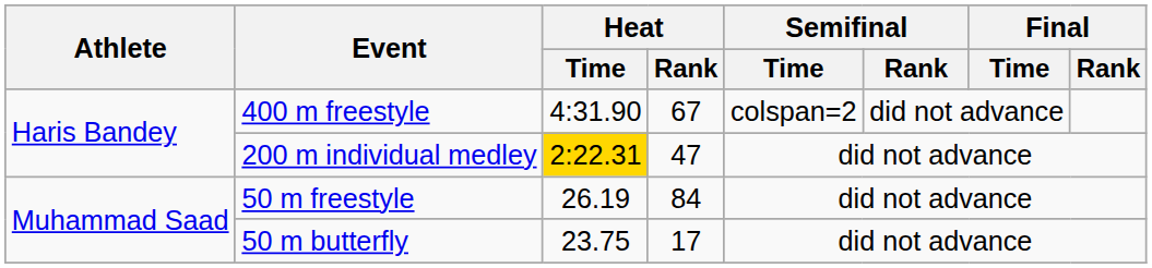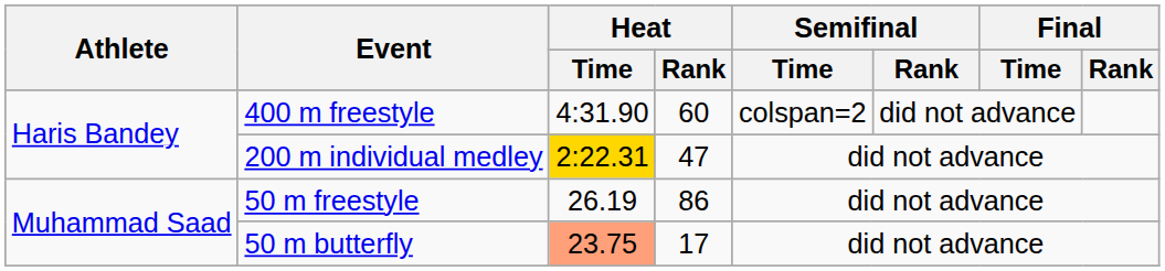 <table class=wikitable style="font-size:90%">
 <tr>
 <th rowspan="2">Athlete</th>
 <th rowspan="2">Event</th>
 <th colspan="2">Heat</th>
 <th colspan="2">Semifinal</th>
 <th colspan="2">Final</th>
 </tr>
 <tr style="font-size:95%">
 <th>Time</th>
 <th>Rank</th>
 <th>Time</th>
 <th>Rank</th>
 <th>Time</th>
 <th>Rank</th>
 </tr>
 <tr align=center>
 <td align=left rowspan=2><a href='#'>Haris Bandey</a></td>
 <td align=left><a href='#'>400 m freestyle</a></td>
 <td>4:31.90</td>
-<td>67</td>
+<td>60</td>
 <td>colspan=2 </td>
 <td colspan=2>did not advance</td>
 </tr>
 <tr align=center>
 <td align=left><a href='#'>200 m individual medley</a></td>
 <td style="background: gold;">2:22.31</td>
 <td>47</td>
 <td colspan=4>did not advance</td>
 </tr>
 <tr align=center>
 <td align=left rowspan=2><a href='#'>Muhammad Saad</a></td>
 <td align=left><a href='#'>50 m freestyle</a></td>
 <td>26.19</td>
-<td>84</td>
+<td>86</td>
 <td colspan=4>did not advance</td>
 </tr>
 <tr align=center>
 <td align=left><a href='#'>50 m butterfly</a></td>
-<td>23.75</td>
+<td style="background: lightsalmon;">23.75</td>
 <td>17</td>
 <td colspan=4>did not advance</td>
 </tr>
 </table>
